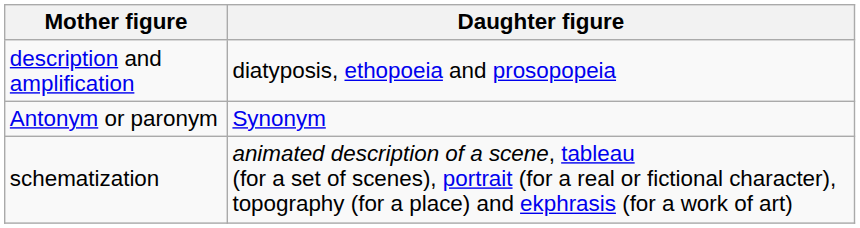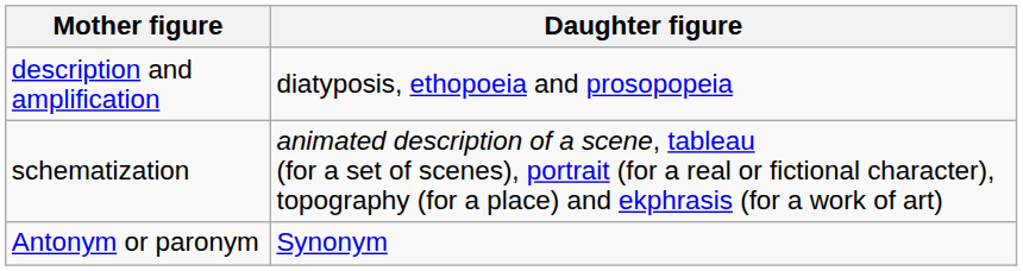 <table class="wikitable sortable">
 <tr>
 <th>Mother figure</th>
 <th>Daughter figure</th>
 </tr>
 <tr>
 <td><a href='#'>description</a> and <a href='#'>amplification</a></td>
 <td>diatyposis, <a href='#'>ethopoeia</a> and <a href='#'>prosopopeia</a></td>
 </tr>
 <tr>
+<td>schematization</td>
+<td><em>animated description of a scene</em>, <a href='#'>tableau</a><br>(for a set of scenes), <a href='#'>portrait</a> (for a real or fictional character), topography (for a  place) and <a href='#'>ekphrasis</a> (for a work of art)</td>
+</tr>
+<tr>
 <td><a href='#'>Antonym</a> or paronym</td>
 <td><a href='#'>Synonym</a></td>
 </tr>
-<tr>
-<td>schematization</td>
-<td><em>animated description of a scene</em>, <a href='#'>tableau</a><br>(for a set of scenes), <a href='#'>portrait</a> (for a real or fictional character), topography (for a  place) and <a href='#'>ekphrasis</a> (for a work of art)</td>
-</tr>
 </table>
